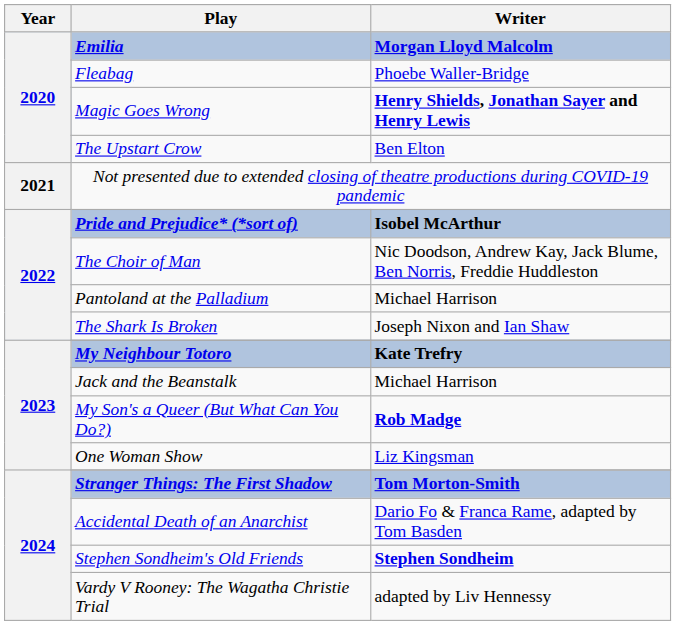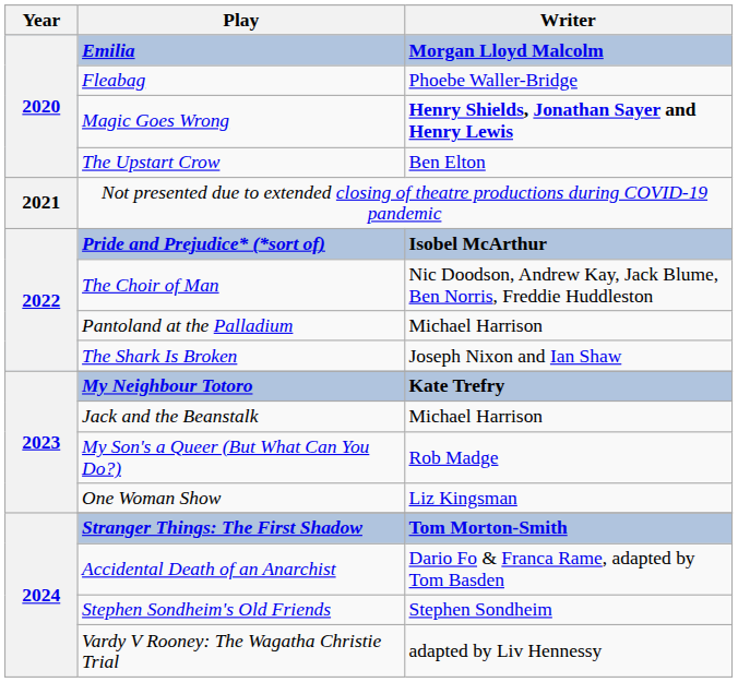 <table class="wikitable" style="width:98%;">
 <tr style="background:#bebebe;">
 <th style="width:10%;">Year</th>
 <th style="width:45%;">Play</th>
 <th style="width:45%;">Writer</th>
 </tr>
 <tr style="background:#B0C4DE">
 <th rowspan="4" align="center"><a href='#'>2020</a></th>
 <td><strong><em><a href='#'>Emilia</a></em></strong></td>
 <td><strong><a href='#'>Morgan Lloyd Malcolm</a></strong></td>
 </tr>
 <tr>
 <td><em><a href='#'>Fleabag</a></em></td>
 <td><a href='#'>Phoebe Waller-Bridge</a></td>
 </tr>
 <tr>
 <td><em><a href='#'>Magic Goes Wrong</a></em></td>
 <td><strong><a href='#'>Henry Shields</a>, <a href='#'>Jonathan Sayer</a> and <a href='#'>Henry Lewis</a></strong></td>
 </tr>
 <tr>
 <td><em><a href='#'>The Upstart Crow</a></em></td>
 <td><a href='#'>Ben Elton</a></td>
 </tr>
 <tr>
 <th align="center">2021</th>
 <td colspan=3 align="center"><em>Not presented due to extended <a href='#'>closing of theatre productions during COVID-19 pandemic</a></em></td>
 </tr>
 <tr style="background:#B0C4DE">
 <th rowspan="4"><a href='#'>2022</a></th>
 <td><strong><em><a href='#'>Pride and Prejudice* (*sort of)</a></em></strong></td>
 <td><strong>Isobel McArthur</strong></td>
 </tr>
 <tr>
 <td><em><a href='#'>The Choir of Man</a></em></td>
 <td>Nic Doodson, Andrew Kay, Jack Blume, <a href='#'>Ben Norris</a>, Freddie Huddleston</td>
 </tr>
 <tr>
 <td><em>Pantoland at the <a href='#'>Palladium</a></em></td>
 <td>Michael Harrison</td>
 </tr>
 <tr>
 <td><em><a href='#'>The Shark Is Broken</a></em></td>
 <td>Joseph Nixon and <a href='#'>Ian Shaw</a></td>
 </tr>
 <tr>
 <th rowspan="5" align="center"><a href='#'>2023</a></th>
 </tr>
 <tr style="background:#B0C4DE">
 <td><strong><em><a href='#'>My Neighbour Totoro</a></em></strong></td>
 <td><strong>Kate Trefry</strong></td>
 </tr>
 <tr>
 <td><em>Jack and the Beanstalk</em></td>
 <td>Michael Harrison</td>
 </tr>
 <tr>
 <td><em><a href='#'>My Son's a Queer (But What Can You Do?)</a></em></td>
-<td><strong><a href='#'>Rob Madge</a></strong></td>
+<td><a href='#'>Rob Madge</a></td>
 </tr>
 <tr>
 <td><em>One Woman Show</em></td>
 <td><a href='#'>Liz Kingsman</a></td>
 </tr>
 <tr>
 <th rowspan="6"><a href='#'>2024</a></th>
 </tr>
 <tr style="background:#B0C4DE">
 <td><strong><em><a href='#'>Stranger Things: The First Shadow</a></em></strong></td>
 <td><strong><a href='#'>Tom Morton-Smith</a></strong></td>
 </tr>
 <tr>
 <td><em><a href='#'>Accidental Death of an Anarchist</a></em></td>
 <td><a href='#'>Dario Fo</a> & <a href='#'>Franca Rame</a>, adapted by <a href='#'>Tom Basden</a></td>
 </tr>
 <tr>
 <td><em><a href='#'>Stephen Sondheim's Old Friends</a></em></td>
-<td><strong><a href='#'>Stephen Sondheim</a></strong></td>
+<td><a href='#'>Stephen Sondheim</a></td>
 </tr>
 <tr>
 <td><em>Vardy V Rooney: The Wagatha Christie Trial</em></td>
 <td>adapted by Liv Hennessy</td>
 </tr>
 </table>
